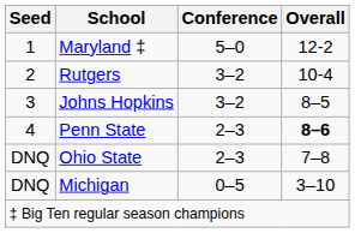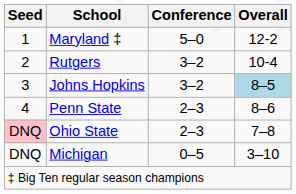 <table class="wikitable" style="text-align:center">
 <tr>
 <th>Seed</th>
 <th>School</th>
 <th>Conference</th>
 <th>Overall</th>
 </tr>
 <tr>
 <td>1</td>
 <td align=left><a href='#'>Maryland</a> ‡</td>
 <td>5–0</td>
 <td>12-2</td>
 </tr>
 <tr>
 <td>2</td>
 <td align=left><a href='#'>Rutgers</a></td>
 <td>3–2</td>
 <td>10-4</td>
 </tr>
 <tr>
 <td>3</td>
 <td align=left><a href='#'>Johns Hopkins</a></td>
 <td>3–2</td>
-<td>8–5</td>
+<td style="background: lightblue;">8–5</td>
 </tr>
 <tr>
 <td>4</td>
 <td align=left><a href='#'>Penn State</a></td>
 <td>2–3</td>
-<td><strong>8–6</strong></td>
+<td>8–6</td>
 </tr>
 <tr>
-<td>DNQ</td>
+<td style="background: pink;">DNQ</td>
 <td align=left><a href='#'>Ohio State</a></td>
 <td>2–3</td>
 <td>7–8</td>
 </tr>
 <tr>
 <td>DNQ</td>
 <td align=left><a href='#'>Michigan</a></td>
 <td>0–5</td>
 <td>3–10</td>
 </tr>
 <tr>
 <td colspan=4 align=left><small>‡ Big Ten regular season champions</small></td>
 </tr>
 </table>
